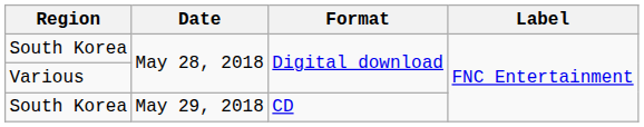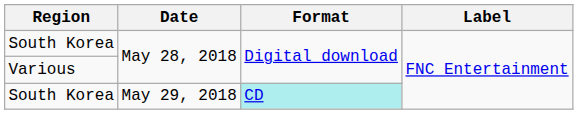 <table class="wikitable">
 <tr>
 <th>Region</th>
 <th>Date</th>
 <th>Format</th>
 <th>Label</th>
 </tr>
 <tr>
 <td>South Korea</td>
 <td rowspan="2">May 28, 2018</td>
 <td rowspan="2"><a href='#'>Digital download</a></td>
 <td rowspan="3"><a href='#'>FNC Entertainment</a></td>
 </tr>
 <tr>
 <td>Various</td>
 </tr>
 <tr>
 <td>South Korea</td>
 <td>May 29, 2018</td>
-<td><a href='#'>CD</a></td>
+<td style="background: paleturquoise;"><a href='#'>CD</a></td>
 </tr>
 </table>
